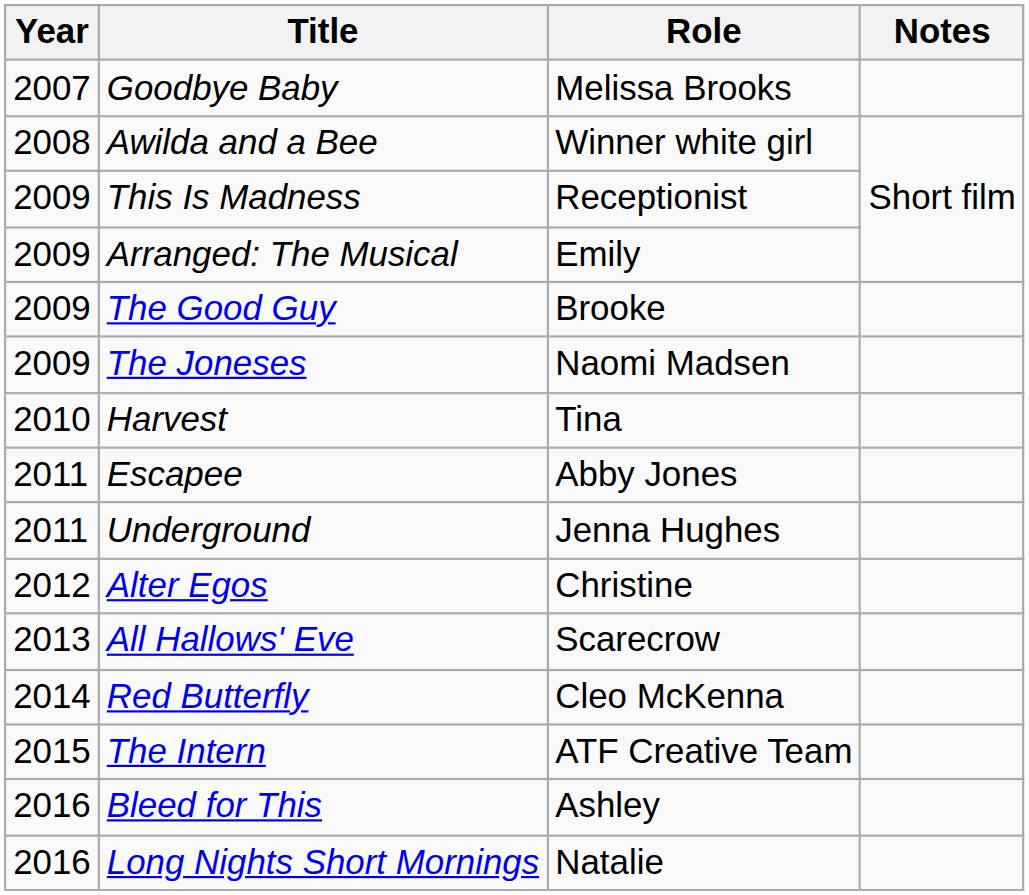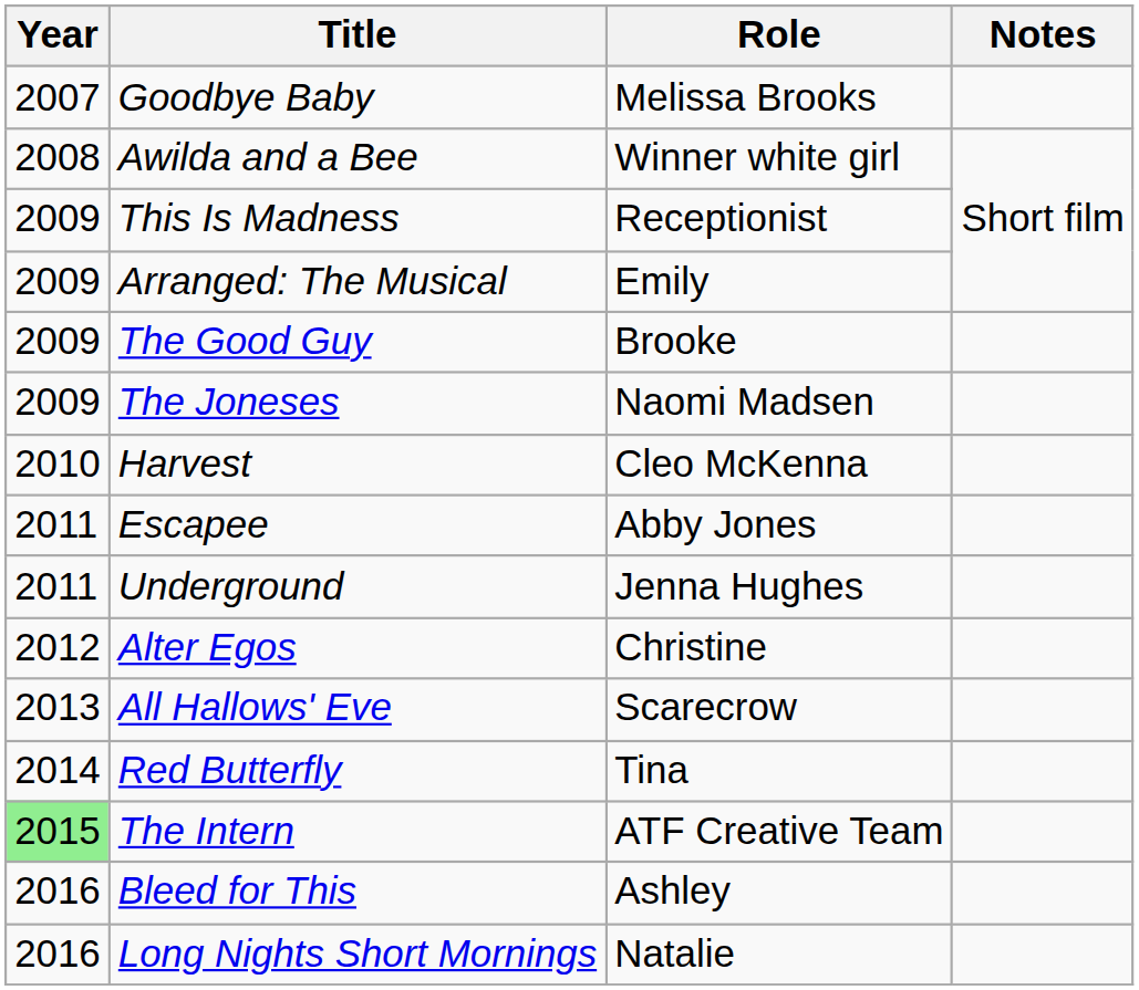 <table class="wikitable sortable">
 <tr>
 <th>Year</th>
 <th>Title</th>
 <th>Role</th>
 <th class="unsortable">Notes</th>
 </tr>
 <tr>
 <td>2007</td>
 <td><em>Goodbye Baby</em></td>
 <td>Melissa Brooks</td>
 <td></td>
 </tr>
 <tr>
 <td>2008</td>
 <td><em>Awilda and a Bee</em></td>
 <td>Winner white girl</td>
 <td rowspan="3">Short film</td>
 </tr>
 <tr>
 <td>2009</td>
 <td><em>This Is Madness</em></td>
 <td>Receptionist</td>
 </tr>
 <tr>
 <td>2009</td>
 <td><em>Arranged: The Musical</em></td>
 <td>Emily</td>
 </tr>
 <tr>
 <td>2009</td>
 <td><em><a href='#'>The Good Guy</a></em></td>
 <td>Brooke</td>
 <td></td>
 </tr>
 <tr>
 <td>2009</td>
 <td><em><a href='#'>The Joneses</a></em></td>
 <td>Naomi Madsen</td>
 <td></td>
 </tr>
 <tr>
 <td>2010</td>
 <td><em>Harvest</em></td>
-<td>Tina</td>
+<td>Cleo McKenna</td>
 <td></td>
 </tr>
 <tr>
 <td>2011</td>
 <td><em>Escapee</em></td>
 <td>Abby Jones</td>
 <td></td>
 </tr>
 <tr>
 <td>2011</td>
 <td><em>Underground</em></td>
 <td>Jenna Hughes</td>
 <td></td>
 </tr>
 <tr>
 <td>2012</td>
 <td><em><a href='#'>Alter Egos</a></em></td>
 <td>Christine</td>
 <td></td>
 </tr>
 <tr>
 <td>2013</td>
 <td><em><a href='#'>All Hallows' Eve</a></em></td>
 <td>Scarecrow</td>
 <td></td>
 </tr>
 <tr>
 <td>2014</td>
 <td><em><a href='#'>Red Butterfly</a></em></td>
-<td>Cleo McKenna</td>
+<td>Tina</td>
 <td></td>
 </tr>
 <tr>
-<td>2015</td>
+<td style="background: lightgreen;">2015</td>
 <td><em><a href='#'>The Intern</a></em></td>
 <td>ATF Creative Team</td>
 <td></td>
 </tr>
 <tr>
 <td>2016</td>
 <td><em><a href='#'>Bleed for This</a></em></td>
 <td>Ashley</td>
 <td></td>
 </tr>
 <tr>
 <td>2016</td>
 <td><em><a href='#'>Long Nights Short Mornings</a></em></td>
 <td>Natalie</td>
 <td></td>
 </tr>
 </table>
